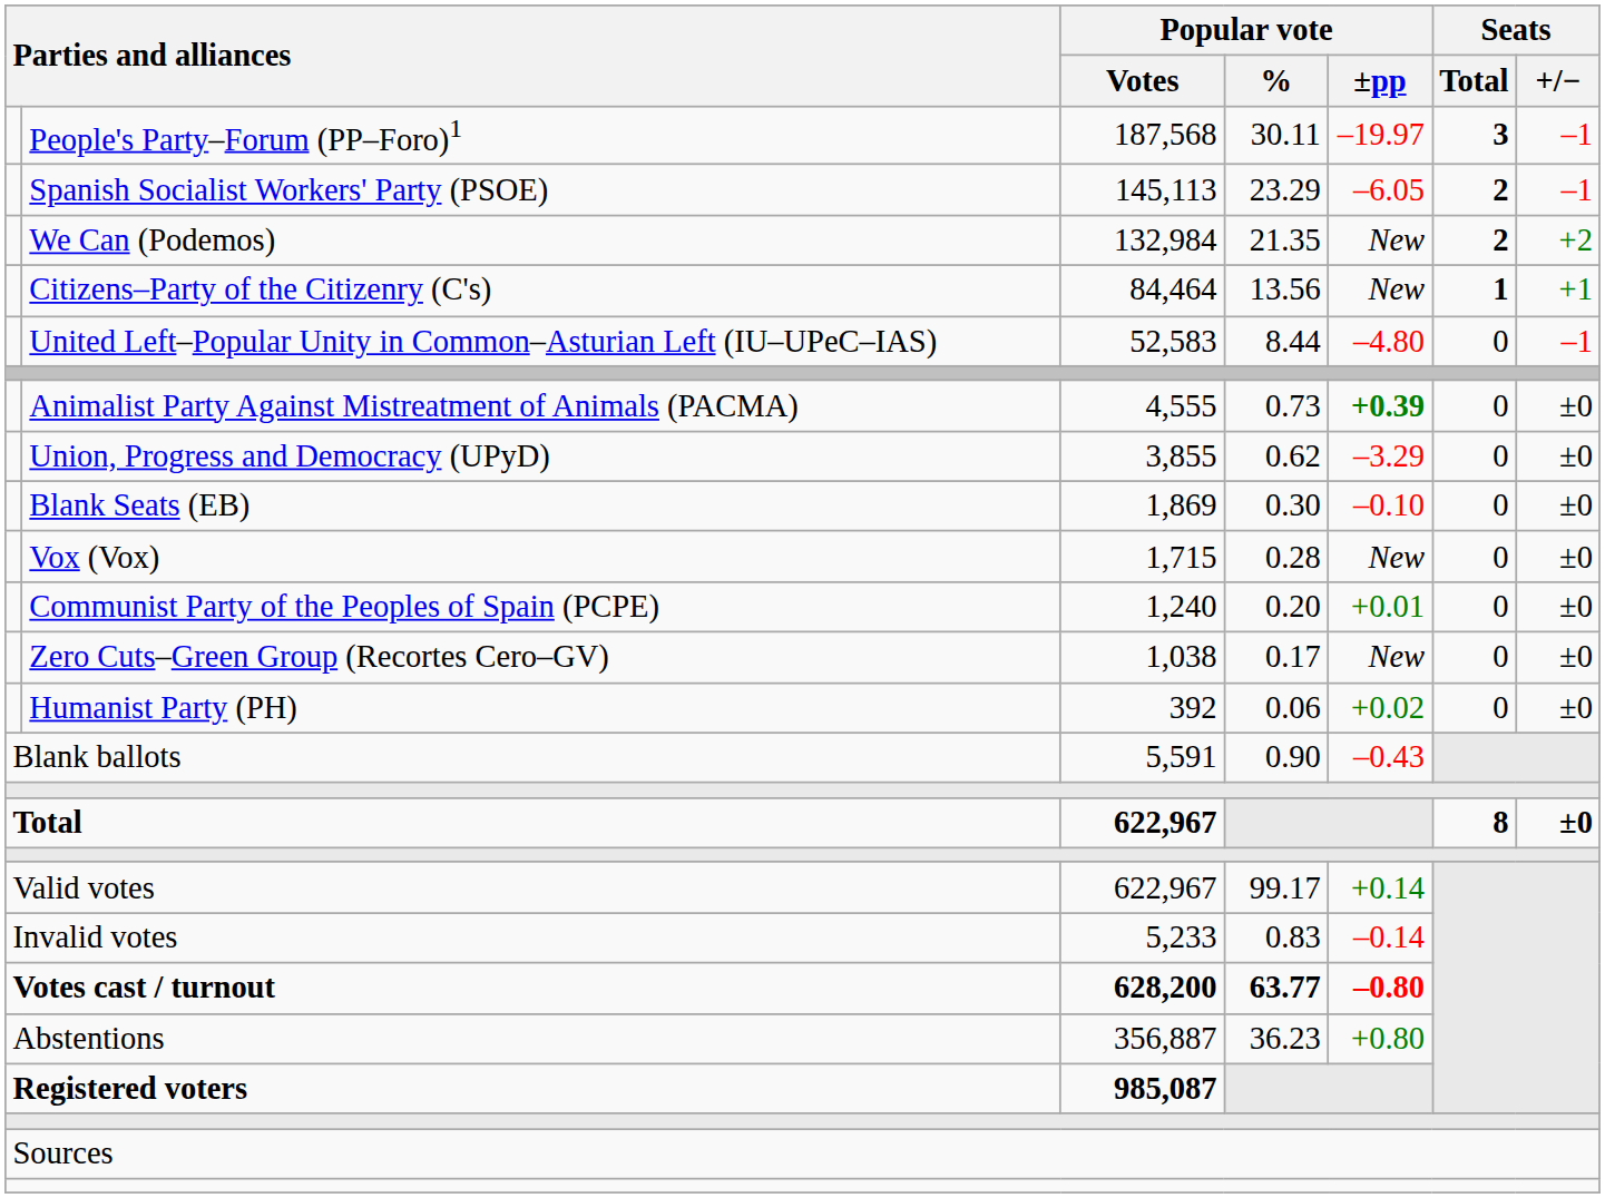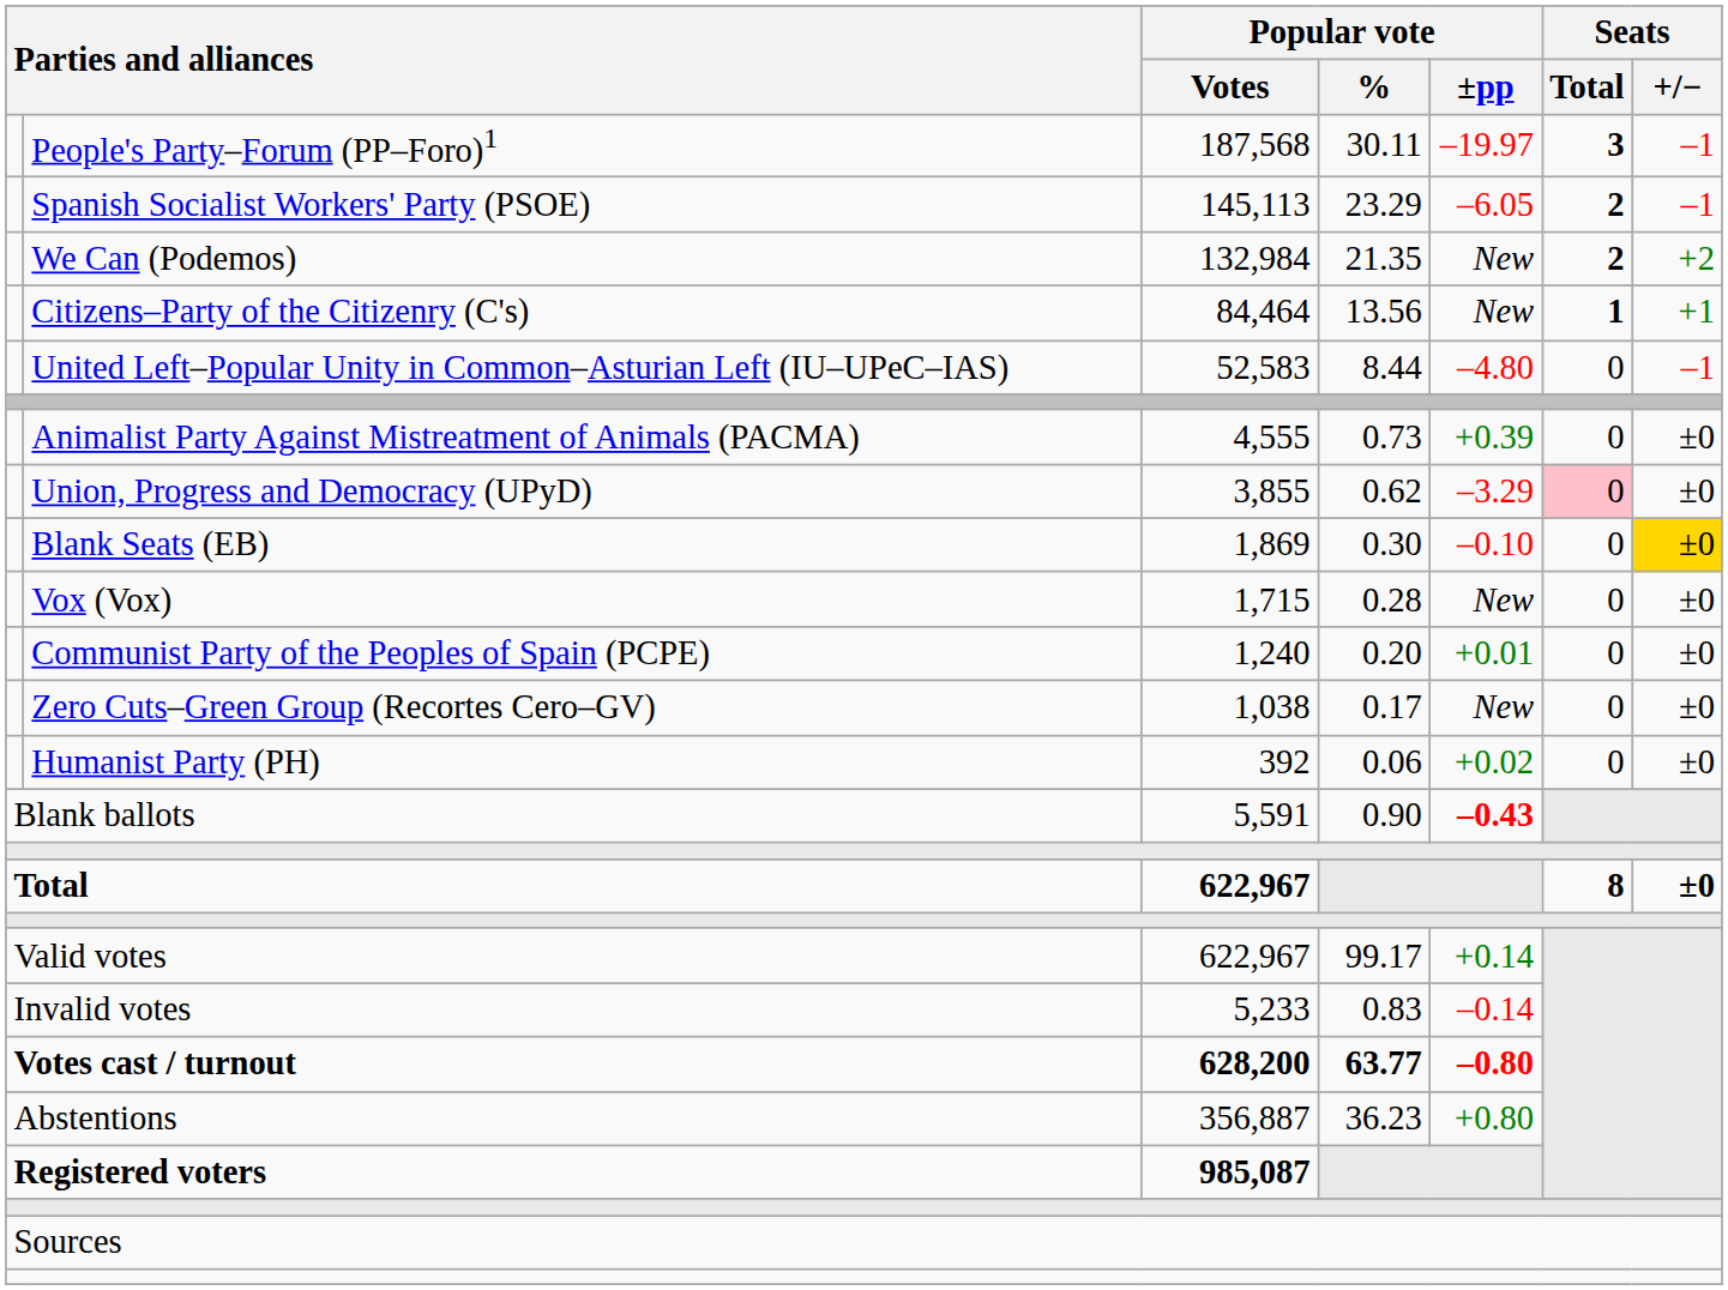 <table class="wikitable" style="text-align:right;">
 <tr>
 <th style="text-align:left;" rowspan="2" colspan="2" width="525">Parties and alliances</th>
 <th colspan="3">Popular vote</th>
 <th colspan="2">Seats</th>
 </tr>
 <tr>
 <th width="75">Votes</th>
 <th width="45">%</th>
 <th width="45">±<a href='#'>pp</a></th>
 <th width="35">Total</th>
 <th width="35">+/−</th>
 </tr>
 <tr>
 <td width="1" style="color:inherit;background:"></td>
 <td align="left"><a href='#'>People's Party</a>–<a href='#'>Forum</a> (PP–Foro)<sup>1</sup></td>
 <td>187,568</td>
 <td>30.11</td>
 <td style="color:red;">–19.97</td>
 <td><strong>3</strong></td>
 <td style="color:red;">–1</td>
 </tr>
 <tr>
 <td style="color:inherit;background:"></td>
 <td align="left"><a href='#'>Spanish Socialist Workers' Party</a> (PSOE)</td>
 <td>145,113</td>
 <td>23.29</td>
 <td style="color:red;">–6.05</td>
 <td><strong>2</strong></td>
 <td style="color:red;">–1</td>
 </tr>
 <tr>
 <td style="color:inherit;background:"></td>
 <td align="left"><a href='#'>We Can</a> (Podemos)</td>
 <td>132,984</td>
 <td>21.35</td>
 <td><em>New</em></td>
 <td><strong>2</strong></td>
 <td style="color:green;">+2</td>
 </tr>
 <tr>
 <td style="color:inherit;background:"></td>
 <td align="left"><a href='#'>Citizens–Party of the Citizenry</a> (C's)</td>
 <td>84,464</td>
 <td>13.56</td>
 <td><em>New</em></td>
 <td><strong>1</strong></td>
 <td style="color:green;">+1</td>
 </tr>
 <tr>
 <td style="color:inherit;background:"></td>
 <td align="left"><a href='#'>United Left</a>–<a href='#'>Popular Unity in Common</a>–<a href='#'>Asturian Left</a> (IU–UPeC–IAS)</td>
 <td>52,583</td>
 <td>8.44</td>
 <td style="color:red;">–4.80</td>
 <td>0</td>
 <td style="color:red;">–1</td>
 </tr>
 <tr>
 <td colspan="7" bgcolor="#C0C0C0"></td>
 </tr>
 <tr>
 <td style="color:inherit;background:"></td>
 <td align="left"><a href='#'>Animalist Party Against Mistreatment of Animals</a> (PACMA)</td>
 <td>4,555</td>
 <td>0.73</td>
-<td style="color:green;"><strong>+0.39</strong></td>
+<td style="color:green;">+0.39</td>
 <td>0</td>
 <td>±0</td>
 </tr>
 <tr>
 <td style="color:inherit;background:"></td>
 <td align="left"><a href='#'>Union, Progress and Democracy</a> (UPyD)</td>
 <td>3,855</td>
 <td>0.62</td>
 <td style="color:red;">–3.29</td>
-<td>0</td>
+<td style="background: pink;">0</td>
 <td>±0</td>
 </tr>
 <tr>
 <td style="color:inherit;background:"></td>
 <td align="left"><a href='#'>Blank Seats</a> (EB)</td>
 <td>1,869</td>
 <td>0.30</td>
 <td style="color:red;">–0.10</td>
 <td>0</td>
-<td>±0</td>
+<td style="background: gold;">±0</td>
 </tr>
 <tr>
 <td style="color:inherit;background:"></td>
 <td align="left"><a href='#'>Vox</a> (Vox)</td>
 <td>1,715</td>
 <td>0.28</td>
 <td><em>New</em></td>
 <td>0</td>
 <td>±0</td>
 </tr>
 <tr>
 <td style="color:inherit;background:"></td>
 <td align="left"><a href='#'>Communist Party of the Peoples of Spain</a> (PCPE)</td>
 <td>1,240</td>
 <td>0.20</td>
 <td style="color:green;">+0.01</td>
 <td>0</td>
 <td>±0</td>
 </tr>
 <tr>
 <td style="color:inherit;background:"></td>
 <td align="left"><a href='#'>Zero Cuts</a>–<a href='#'>Green Group</a> (Recortes Cero–GV)</td>
 <td>1,038</td>
 <td>0.17</td>
 <td><em>New</em></td>
 <td>0</td>
 <td>±0</td>
 </tr>
 <tr>
 <td style="color:inherit;background:"></td>
 <td align="left"><a href='#'>Humanist Party</a> (PH)</td>
 <td>392</td>
 <td>0.06</td>
 <td style="color:green;">+0.02</td>
 <td>0</td>
 <td>±0</td>
 </tr>
 <tr>
 <td align="left" colspan="2">Blank ballots</td>
 <td>5,591</td>
 <td>0.90</td>
-<td style="color:red;">–0.43</td>
+<td style="color:red;"><strong>–0.43</strong></td>
 <td bgcolor="#E9E9E9" colspan="2"></td>
 </tr>
 <tr>
 <td colspan="7" bgcolor="#E9E9E9"></td>
 </tr>
 <tr style="font-weight:bold;">
 <td align="left" colspan="2">Total</td>
 <td>622,967</td>
 <td bgcolor="#E9E9E9" colspan="2"></td>
 <td>8</td>
 <td>±0</td>
 </tr>
 <tr>
 <td colspan="7" bgcolor="#E9E9E9"></td>
 </tr>
 <tr>
 <td align="left" colspan="2">Valid votes</td>
 <td>622,967</td>
 <td>99.17</td>
 <td style="color:green;">+0.14</td>
 <td bgcolor="#E9E9E9" colspan="2" rowspan="5"></td>
 </tr>
 <tr>
 <td align="left" colspan="2">Invalid votes</td>
 <td>5,233</td>
 <td>0.83</td>
 <td style="color:red;">–0.14</td>
 </tr>
 <tr style="font-weight:bold;">
 <td align="left" colspan="2">Votes cast / turnout</td>
 <td>628,200</td>
 <td>63.77</td>
 <td style="color:red;">–0.80</td>
 </tr>
 <tr>
 <td align="left" colspan="2">Abstentions</td>
 <td>356,887</td>
 <td>36.23</td>
 <td style="color:green;">+0.80</td>
 </tr>
 <tr style="font-weight:bold;">
 <td align="left" colspan="2">Registered voters</td>
 <td>985,087</td>
 <td bgcolor="#E9E9E9" colspan="2"></td>
 </tr>
 <tr>
 <td colspan="7" bgcolor="#E9E9E9"></td>
 </tr>
 <tr>
 <td align="left" colspan="7">Sources</td>
 </tr>
 <tr>
 <td colspan="7" style="text-align:left; max-width:790px;"></td>
 </tr>
 </table>
